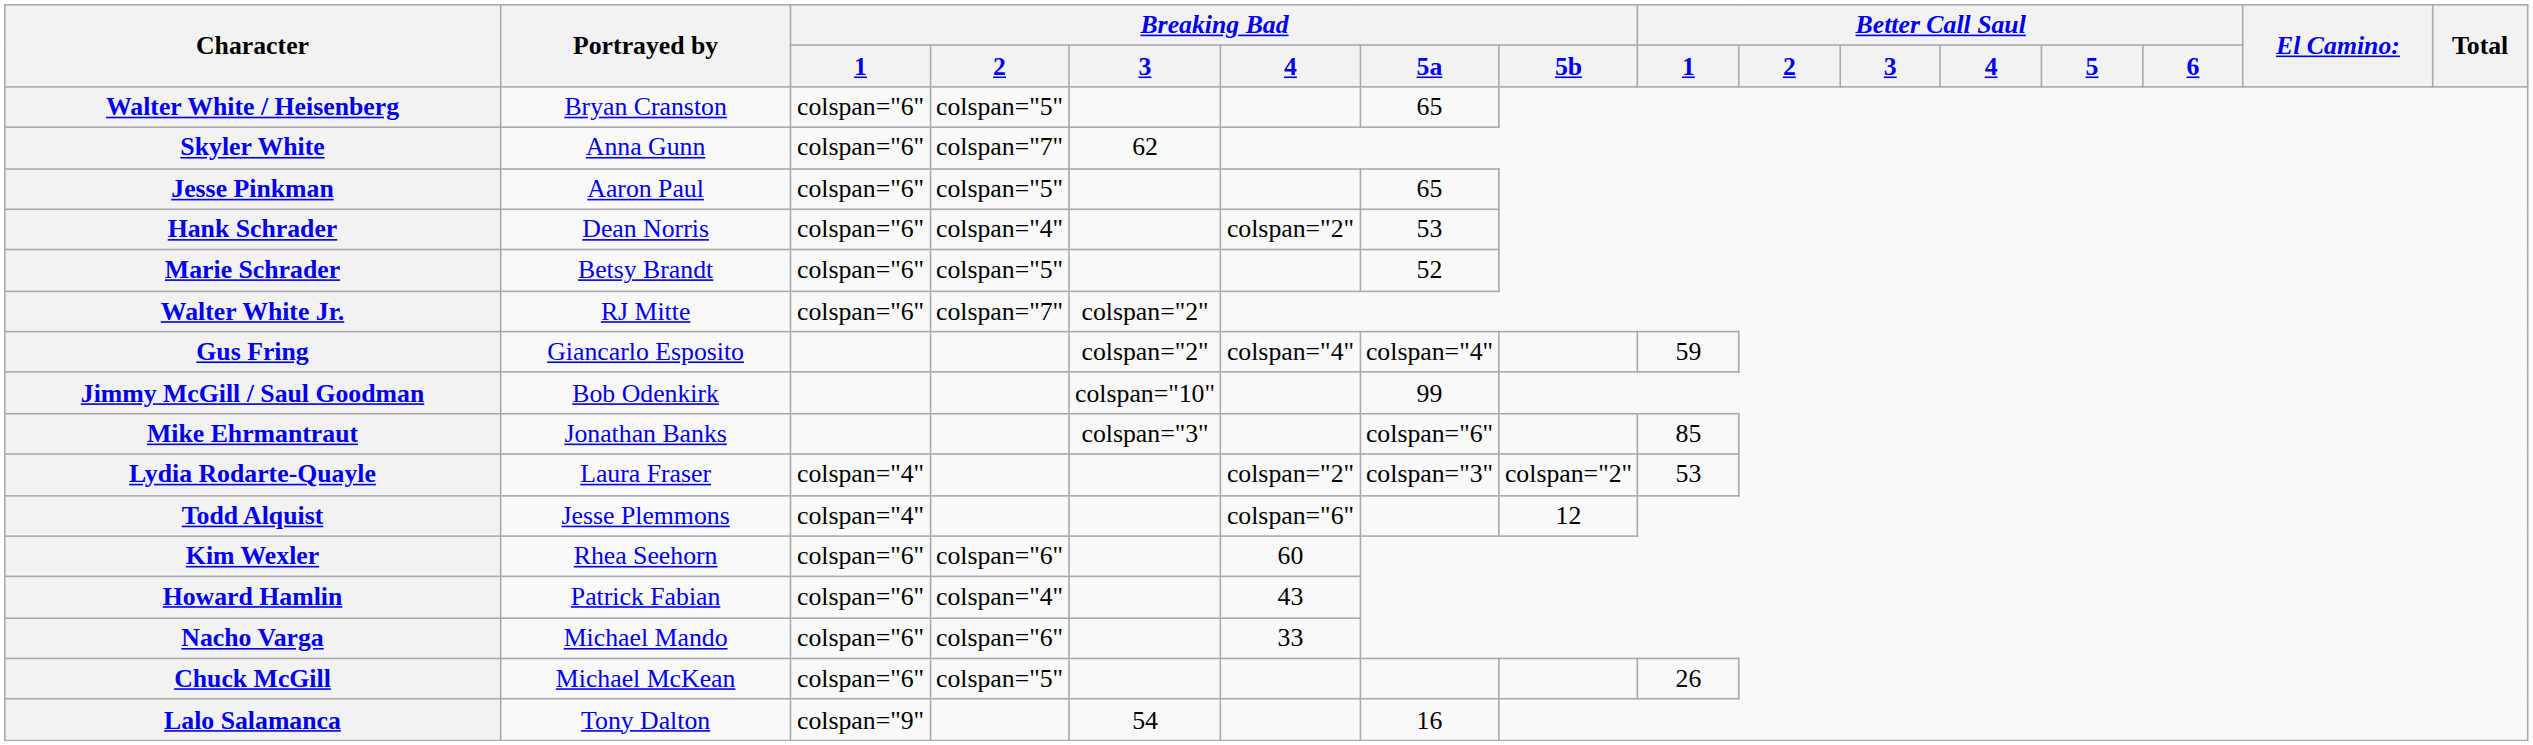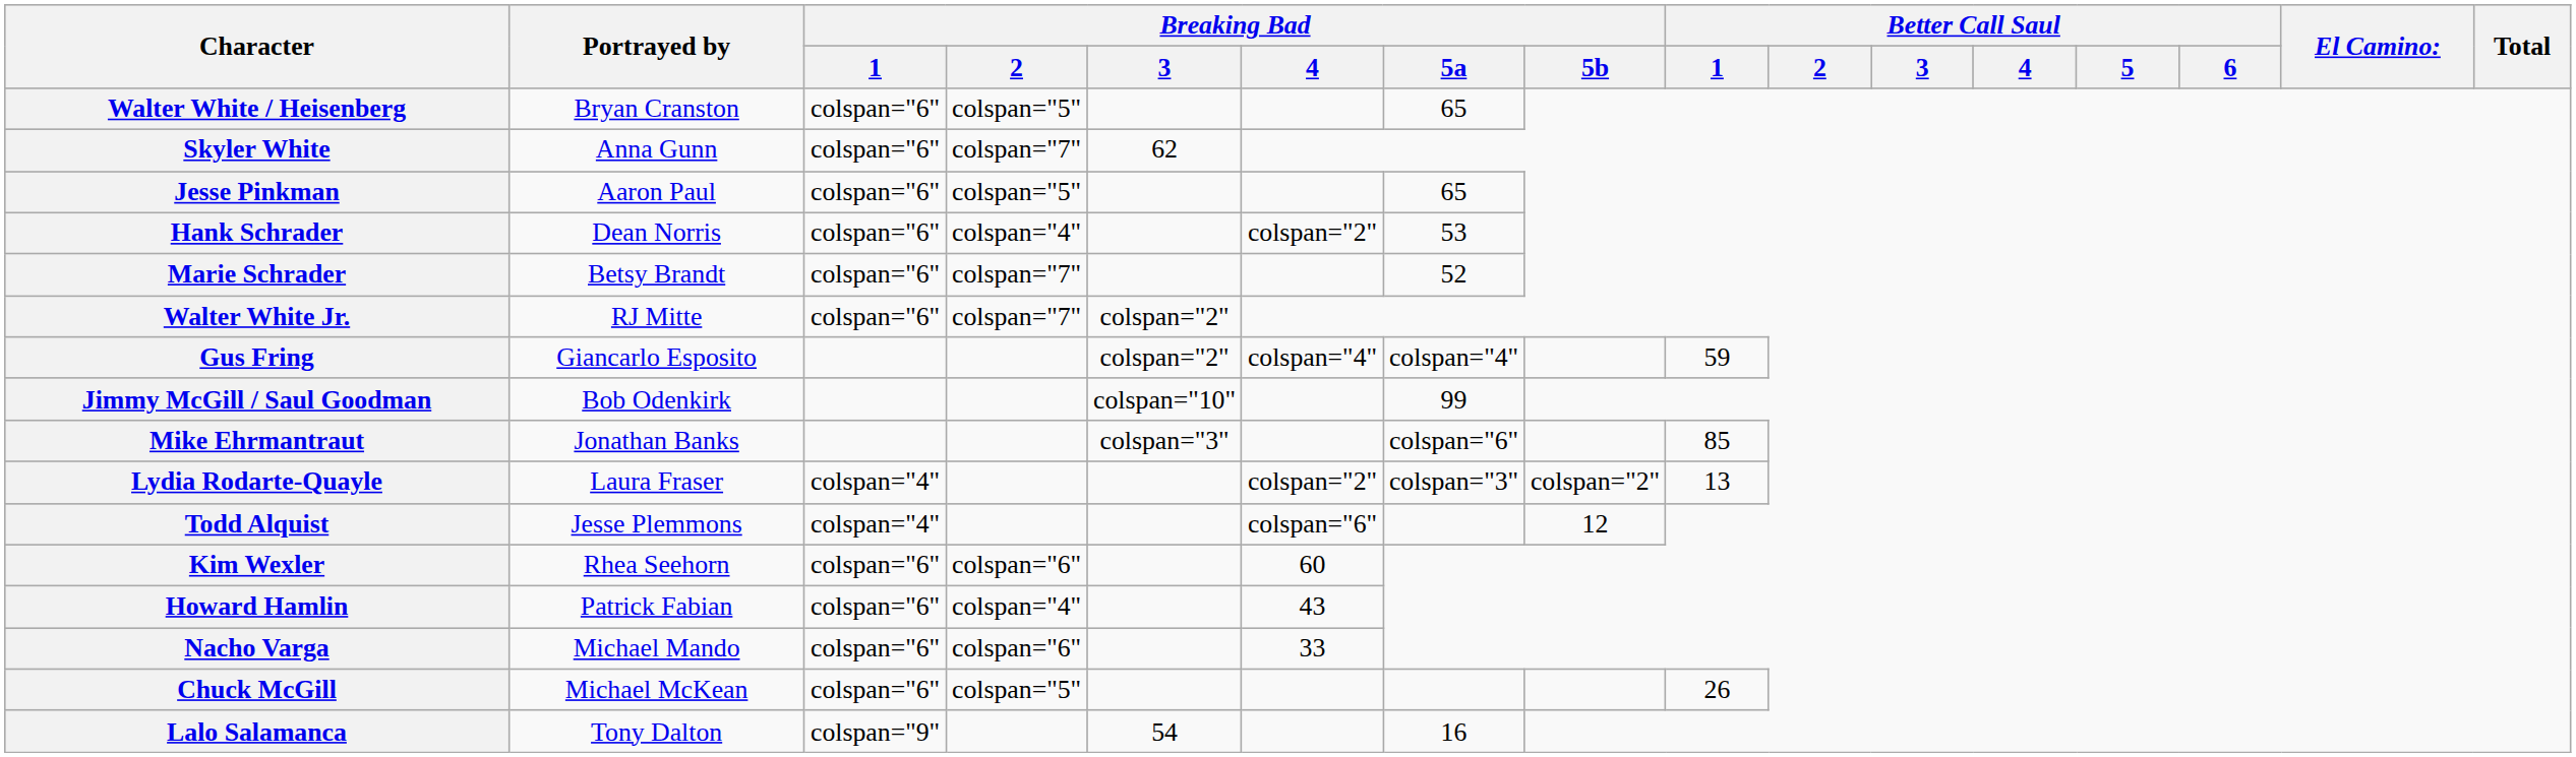 <table class="sortable wikitable" style="text-align:center;">
 <tr>
 <th rowspan="2">Character</th>
 <th rowspan="2">Portrayed by</th>
 <th colspan="6"><em><a href='#'>Breaking Bad</a></em></th>
 <th colspan="6"><em><a href='#'>Better Call Saul</a></em></th>
 <th rowspan="2" class=unsortable><a href='#'><em>El Camino:<br></em></a></th>
 <th rowspan="2">Total</th>
 </tr>
 <tr>
 <th style="width:4%;" class=unsortable><a href='#'>1</a></th>
 <th style="width:4%;" class=unsortable><a href='#'>2</a></th>
 <th style="width:4%;" class=unsortable><a href='#'>3</a></th>
 <th style="width:4%;" class=unsortable><a href='#'>4</a></th>
 <th style="width:4%;" class=unsortable><a href='#'>5a</a></th>
 <th style="width:4%;" class=unsortable><a href='#'>5b</a></th>
 <th style="width:4%;" class=unsortable><a href='#'>1</a></th>
 <th style="width:4%;" class=unsortable><a href='#'>2</a></th>
 <th style="width:4%;" class=unsortable><a href='#'>3</a></th>
 <th style="width:4%;" class=unsortable><a href='#'>4</a></th>
 <th style="width:4%;" class=unsortable><a href='#'>5</a></th>
 <th style="width:4%;" class=unsortable><a href='#'>6</a></th>
 </tr>
 <tr>
 <th><a href='#'>Walter White / Heisenberg</a></th>
 <td><a href='#'>Bryan Cranston</a></td>
 <td>colspan="6" </td>
 <td>colspan="5" </td>
 <td></td>
 <td></td>
 <td>65</td>
 </tr>
 <tr>
 <th><a href='#'>Skyler White</a></th>
 <td><a href='#'>Anna Gunn</a></td>
 <td>colspan="6" </td>
 <td>colspan="7" </td>
 <td>62</td>
 </tr>
 <tr>
 <th><a href='#'>Jesse Pinkman</a></th>
 <td><a href='#'>Aaron Paul</a></td>
 <td>colspan="6" </td>
 <td>colspan="5" </td>
 <td></td>
 <td></td>
 <td>65</td>
 </tr>
 <tr>
 <th><a href='#'>Hank Schrader</a></th>
 <td><a href='#'>Dean Norris</a></td>
 <td>colspan="6" </td>
 <td>colspan="4" </td>
 <td></td>
 <td>colspan="2" </td>
 <td>53</td>
 </tr>
 <tr>
 <th><a href='#'>Marie Schrader</a></th>
 <td><a href='#'>Betsy Brandt</a></td>
 <td>colspan="6" </td>
-<td>colspan="5" </td>
+<td>colspan="7" </td>
 <td></td>
 <td></td>
 <td>52</td>
 </tr>
 <tr>
 <th><a href='#'>Walter White Jr.</a></th>
 <td><a href='#'>RJ Mitte</a></td>
 <td>colspan="6" </td>
 <td>colspan="7" </td>
 <td>colspan="2" </td>
 </tr>
 <tr>
 <th><a href='#'>Gus Fring</a></th>
 <td><a href='#'>Giancarlo Esposito</a></td>
 <td></td>
 <td></td>
 <td>colspan="2" </td>
 <td>colspan="4" </td>
 <td>colspan="4" </td>
 <td></td>
 <td>59</td>
 </tr>
 <tr>
 <th><a href='#'>Jimmy McGill / Saul Goodman</a></th>
 <td><a href='#'>Bob Odenkirk</a></td>
 <td></td>
 <td></td>
 <td>colspan="10" </td>
 <td></td>
 <td>99</td>
 </tr>
 <tr>
 <th><a href='#'>Mike Ehrmantraut</a></th>
 <td><a href='#'>Jonathan Banks</a></td>
 <td></td>
 <td></td>
 <td>colspan="3" </td>
 <td></td>
 <td>colspan="6" </td>
 <td></td>
 <td>85</td>
 </tr>
 <tr>
 <th><a href='#'>Lydia Rodarte-Quayle</a></th>
 <td><a href='#'>Laura Fraser</a></td>
 <td>colspan="4" </td>
 <td></td>
 <td></td>
 <td>colspan="2" </td>
 <td>colspan="3" </td>
 <td>colspan="2" </td>
-<td>53</td>
+<td>13</td>
 </tr>
 <tr>
 <th><a href='#'>Todd Alquist</a></th>
 <td><a href='#'>Jesse Plemmons</a></td>
 <td>colspan="4" </td>
 <td></td>
 <td></td>
 <td>colspan="6" </td>
 <td></td>
 <td>12</td>
 </tr>
 <tr>
 <th><a href='#'>Kim Wexler</a></th>
 <td><a href='#'>Rhea Seehorn</a></td>
 <td>colspan="6" </td>
 <td>colspan="6" </td>
 <td></td>
 <td>60</td>
 </tr>
 <tr>
 <th><a href='#'>Howard Hamlin</a></th>
 <td><a href='#'>Patrick Fabian</a></td>
 <td>colspan="6" </td>
 <td>colspan="4" </td>
 <td></td>
 <td>43</td>
 </tr>
 <tr>
 <th><a href='#'>Nacho Varga</a></th>
 <td><a href='#'>Michael Mando</a></td>
 <td>colspan="6" </td>
 <td>colspan="6" </td>
 <td></td>
 <td>33</td>
 </tr>
 <tr>
 <th><a href='#'>Chuck McGill</a></th>
 <td><a href='#'>Michael McKean</a></td>
 <td>colspan="6" </td>
 <td>colspan="5" </td>
 <td></td>
 <td></td>
 <td></td>
 <td></td>
 <td>26</td>
 </tr>
 <tr>
 <th><a href='#'>Lalo Salamanca</a></th>
 <td><a href='#'>Tony Dalton</a></td>
 <td>colspan="9" </td>
 <td></td>
 <td>54</td>
 <td></td>
 <td>16</td>
 </tr>
 </table>
